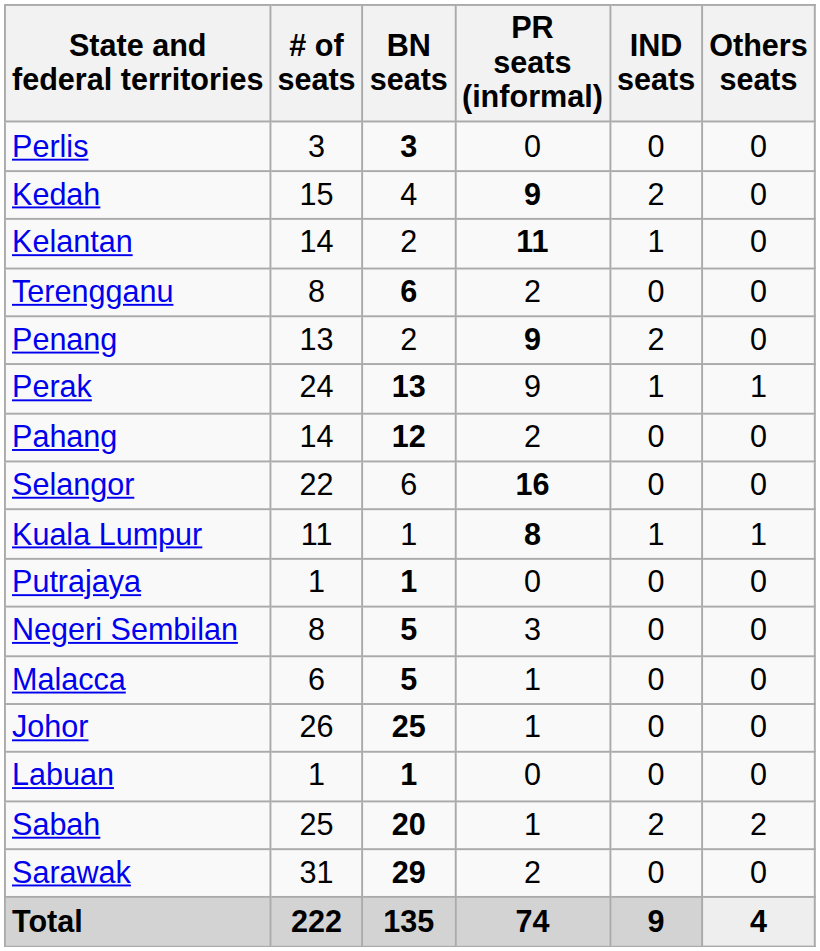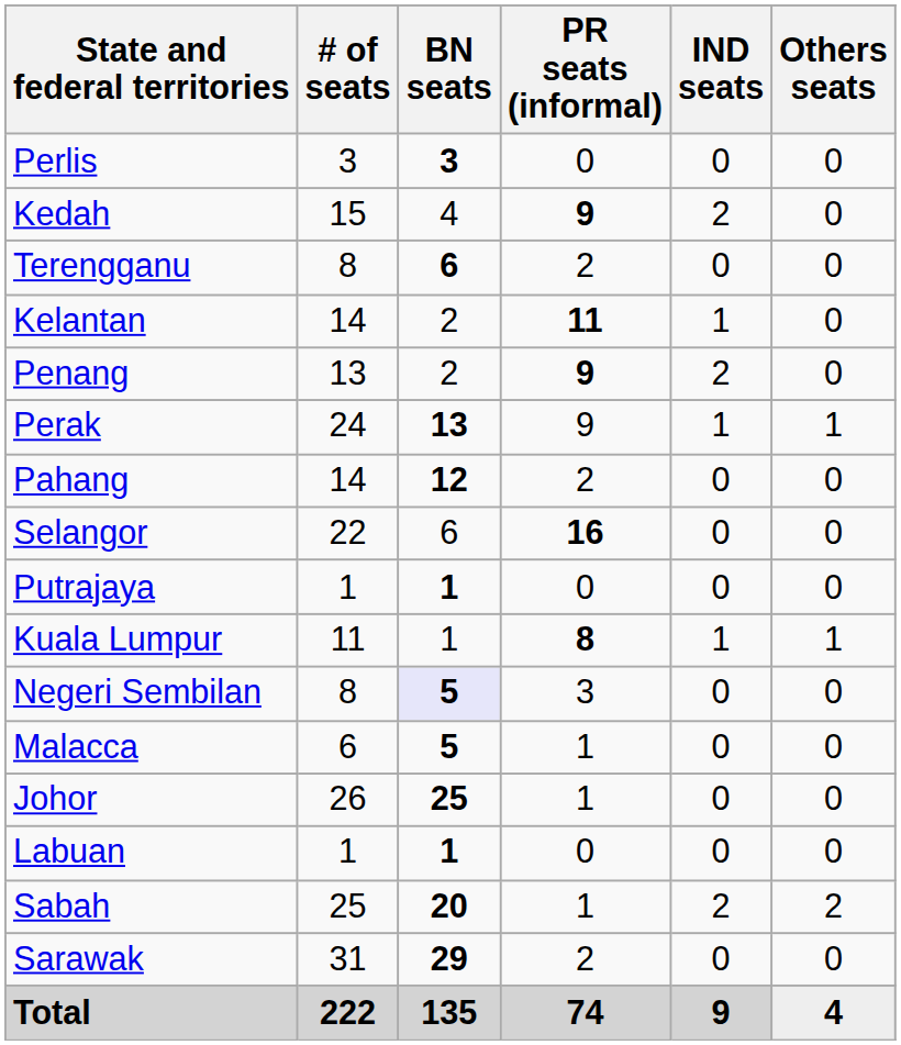 <table class="wikitable sortable" style="text-align:center">
 <tr>
 <th>State and<br>federal territories</th>
 <th># of<br>seats</th>
 <th>BN<br>seats</th>
 <th>PR<br>seats<br>(informal)</th>
 <th>IND<br>seats</th>
 <th>Others<br>seats</th>
 </tr>
 <tr>
 <td style="text-align:left"> <a href='#'>Perlis</a></td>
 <td>3</td>
 <td><strong>3</strong></td>
 <td>0</td>
 <td>0</td>
 <td>0</td>
 </tr>
 <tr>
 <td style="text-align:left"> <a href='#'>Kedah</a></td>
 <td>15</td>
 <td>4</td>
 <td><strong>9</strong></td>
 <td>2</td>
 <td>0</td>
 </tr>
 <tr>
+<td style="text-align:left"> <a href='#'>Terengganu</a></td>
+<td>8</td>
+<td><strong>6</strong></td>
+<td>2</td>
+<td>0</td>
+<td>0</td>
+</tr>
+<tr>
 <td style="text-align:left"> <a href='#'>Kelantan</a></td>
 <td>14</td>
 <td>2</td>
 <td><strong>11</strong></td>
 <td>1</td>
-<td>0</td>
-</tr>
-<tr>
-<td style="text-align:left"> <a href='#'>Terengganu</a></td>
-<td>8</td>
-<td><strong>6</strong></td>
-<td>2</td>
-<td>0</td>
 <td>0</td>
 </tr>
 <tr>
 <td style="text-align:left"> <a href='#'>Penang</a></td>
 <td>13</td>
 <td>2</td>
 <td><strong>9</strong></td>
 <td>2</td>
 <td>0</td>
 </tr>
 <tr>
 <td style="text-align:left"> <a href='#'>Perak</a></td>
 <td>24</td>
 <td><strong>13</strong></td>
 <td>9</td>
 <td>1</td>
 <td>1 <small></small></td>
 </tr>
 <tr>
 <td style="text-align:left"> <a href='#'>Pahang</a></td>
 <td>14</td>
 <td><strong>12</strong></td>
 <td>2</td>
 <td>0</td>
 <td>0</td>
 </tr>
 <tr>
 <td style="text-align:left"> <a href='#'>Selangor</a></td>
 <td>22</td>
 <td>6</td>
 <td><strong>16</strong></td>
 <td>0</td>
 <td>0</td>
 </tr>
 <tr>
+<td style="text-align:left"> <a href='#'>Putrajaya</a></td>
+<td>1</td>
+<td><strong>1</strong></td>
+<td>0</td>
+<td>0</td>
+<td>0</td>
+</tr>
+<tr>
 <td style="text-align:left"> <a href='#'>Kuala Lumpur</a></td>
 <td>11</td>
 <td>1</td>
 <td><strong>8</strong></td>
 <td>1</td>
 <td>1 <small></small></td>
 </tr>
 <tr>
-<td style="text-align:left"> <a href='#'>Putrajaya</a></td>
-<td>1</td>
-<td><strong>1</strong></td>
-<td>0</td>
-<td>0</td>
-<td>0</td>
-</tr>
-<tr>
 <td style="text-align:left"> <a href='#'>Negeri Sembilan</a></td>
 <td>8</td>
-<td><strong>5</strong></td>
+<td style="background: lavender;"><strong>5</strong></td>
 <td>3</td>
 <td>0</td>
 <td>0</td>
 </tr>
 <tr>
 <td style="text-align:left"> <a href='#'>Malacca</a></td>
 <td>6</td>
 <td><strong>5</strong></td>
 <td>1</td>
 <td>0</td>
 <td>0</td>
 </tr>
 <tr>
 <td style="text-align:left"> <a href='#'>Johor</a></td>
 <td>26</td>
 <td><strong>25</strong></td>
 <td>1</td>
 <td>0</td>
 <td>0</td>
 </tr>
 <tr>
 <td style="text-align:left"> <a href='#'>Labuan</a></td>
 <td>1</td>
 <td><strong>1</strong></td>
 <td>0</td>
 <td>0</td>
 <td>0</td>
 </tr>
 <tr>
 <td style="text-align:left"> <a href='#'>Sabah</a></td>
 <td>25</td>
 <td><strong>20</strong></td>
 <td>1</td>
 <td>2</td>
 <td>2 <small></small></td>
 </tr>
 <tr>
 <td style="text-align:left"> <a href='#'>Sarawak</a></td>
 <td>31</td>
 <td><strong>29</strong></td>
 <td>2</td>
 <td>0</td>
 <td>0</td>
 </tr>
 <tr class="sortbottom" bgcolor="lightgrey">
 <td style="text-align:left"><strong>Total</strong></td>
 <td><strong>222</strong></td>
 <td><span><strong>135</strong></span></td>
 <td><span><strong>74</strong></span></td>
 <td><span><strong>9</strong></span></td>
 <td style="background-color:#EEEEEE;"><span><strong>4</strong></span></td>
 </tr>
 </table>
